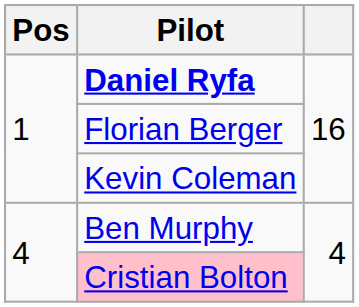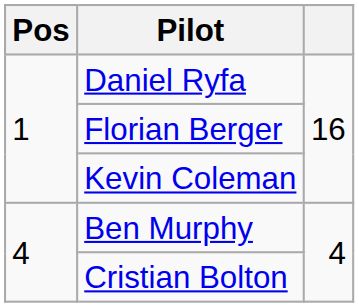 <table class="wikitable" style="font-size: 95%;">
 <tr>
 <th>Pos</th>
 <th>Pilot</th>
 <th></th>
 </tr>
 <tr>
 <td rowspan=3>1</td>
-<td><strong> <a href='#'>Daniel Ryfa</a></strong></td>
+<td> <a href='#'>Daniel Ryfa</a></td>
 <td rowspan=3 align="right">16</td>
 </tr>
 <tr>
 <td> <a href='#'>Florian Berger</a></td>
 </tr>
 <tr>
 <td> <a href='#'>Kevin Coleman</a></td>
 </tr>
 <tr>
 <td rowspan=2>4</td>
 <td> <a href='#'>Ben Murphy</a></td>
 <td rowspan=2 align="right">4</td>
 </tr>
 <tr>
-<td style="background: pink;"> <a href='#'>Cristian Bolton</a></td>
+<td> <a href='#'>Cristian Bolton</a></td>
 </tr>
 </table>
